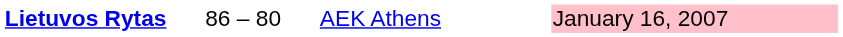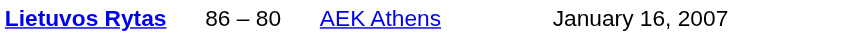 <table style="text-align:center">
 <tr>
 <th width=160></th>
 <th width=100></th>
 <th width=160></th>
 <th width=200></th>
 </tr>
 <tr>
 <td align=right><strong><a href='#'>Lietuvos Rytas</a></strong> </td>
 <td>86 – 80</td>
 <td align=left> <a href='#'>AEK Athens</a></td>
-<td align=left style="background: pink;">January 16, 2007</td>
+<td align=left>January 16, 2007</td>
 </tr>
 </table>
